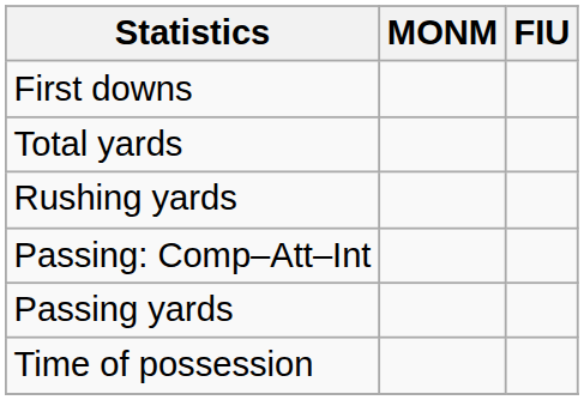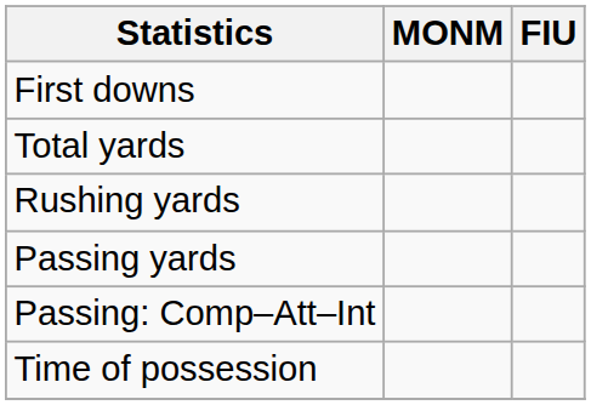 <table class="wikitable" style="float: left;">
 <tr>
 <th>Statistics</th>
 <th>MONM</th>
 <th>FIU</th>
 </tr>
 <tr>
 <td>First downs</td>
 <td></td>
 <td></td>
 </tr>
 <tr>
 <td>Total yards</td>
 <td></td>
 <td></td>
 </tr>
 <tr>
 <td>Rushing yards</td>
 <td></td>
 <td></td>
 </tr>
 <tr>
-<td>Passing: Comp–Att–Int</td>
+<td>Passing yards</td>
 <td></td>
 <td></td>
 </tr>
 <tr>
-<td>Passing yards</td>
+<td>Passing: Comp–Att–Int</td>
 <td></td>
 <td></td>
 </tr>
 <tr>
 <td>Time of possession</td>
 <td></td>
 <td></td>
 </tr>
 <tr>
 </tr>
 </table>
